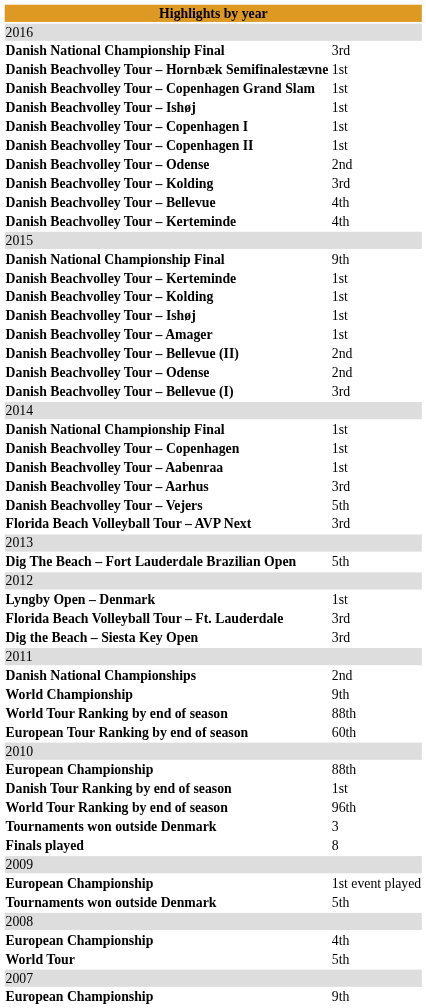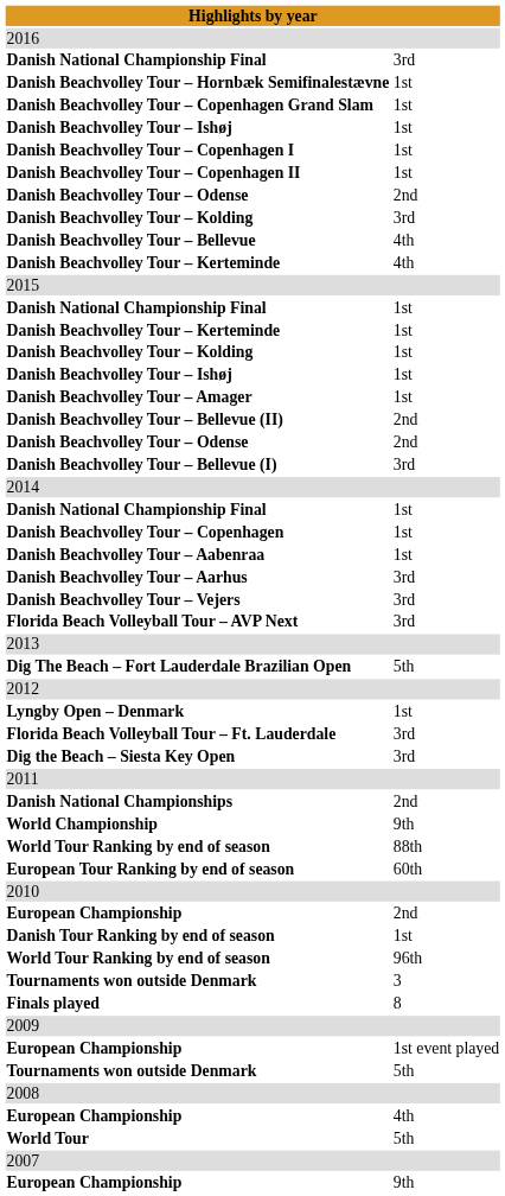 <table>
 <tr>
 <th style="background:#DD9922" colspan="2">Highlights by year</th>
 </tr>
 <tr>
 <td style="background:#DDDDDD" colspan="2">2016</td>
 </tr>
 <tr>
 <td><strong>Danish National Championship Final</strong></td>
 <td>3rd</td>
 </tr>
 <tr>
 <td><strong>Danish Beachvolley Tour – Hornbæk Semifinalestævne</strong></td>
 <td>1st</td>
 </tr>
 <tr>
 <td><strong>Danish Beachvolley Tour – Copenhagen Grand Slam</strong></td>
 <td>1st</td>
 </tr>
 <tr>
 <td><strong>Danish Beachvolley Tour – Ishøj</strong></td>
 <td>1st</td>
 </tr>
 <tr>
 <td><strong>Danish Beachvolley Tour – Copenhagen I</strong></td>
 <td>1st</td>
 </tr>
 <tr>
 <td><strong>Danish Beachvolley Tour – Copenhagen II</strong></td>
 <td>1st</td>
 </tr>
 <tr>
 <td><strong>Danish Beachvolley Tour – Odense</strong></td>
 <td>2nd</td>
 </tr>
 <tr>
 <td><strong>Danish Beachvolley Tour – Kolding</strong></td>
 <td>3rd</td>
 </tr>
 <tr>
 <td><strong>Danish Beachvolley Tour – Bellevue</strong></td>
 <td>4th</td>
 </tr>
 <tr>
 <td><strong>Danish Beachvolley Tour – Kerteminde</strong></td>
 <td>4th</td>
 </tr>
 <tr>
 <td style="background:#DDDDDD" colspan="2">2015</td>
 </tr>
 <tr>
 <td><strong>Danish National Championship Final</strong></td>
-<td>9th</td>
+<td>1st</td>
 </tr>
 <tr>
 <td><strong>Danish Beachvolley Tour – Kerteminde</strong></td>
 <td>1st</td>
 </tr>
 <tr>
 <td><strong>Danish Beachvolley Tour – Kolding</strong></td>
 <td>1st</td>
 </tr>
 <tr>
 <td><strong>Danish Beachvolley Tour – Ishøj</strong></td>
 <td>1st</td>
 </tr>
 <tr>
 <td><strong>Danish Beachvolley Tour – Amager</strong></td>
 <td>1st</td>
 </tr>
 <tr>
 <td><strong>Danish Beachvolley Tour – Bellevue (II)</strong></td>
 <td>2nd</td>
 </tr>
 <tr>
 <td><strong>Danish Beachvolley Tour – Odense</strong></td>
 <td>2nd</td>
 </tr>
 <tr>
 <td><strong>Danish Beachvolley Tour – Bellevue (I)</strong></td>
 <td>3rd</td>
 </tr>
 <tr>
 <td style="background:#DDDDDD" colspan="2">2014</td>
 </tr>
 <tr>
 <td><strong>Danish National Championship Final</strong></td>
 <td>1st</td>
 </tr>
 <tr>
 <td><strong>Danish Beachvolley Tour – Copenhagen</strong></td>
 <td>1st</td>
 </tr>
 <tr>
 <td><strong>Danish Beachvolley Tour – Aabenraa</strong></td>
 <td>1st</td>
 </tr>
 <tr>
 <td><strong>Danish Beachvolley Tour – Aarhus</strong></td>
 <td>3rd</td>
 </tr>
 <tr>
 <td><strong>Danish Beachvolley Tour – Vejers</strong></td>
-<td>5th</td>
+<td>3rd</td>
 </tr>
 <tr>
 <td><strong>Florida Beach Volleyball Tour – AVP Next</strong></td>
 <td>3rd</td>
 </tr>
 <tr>
 <td style="background:#DDDDDD" colspan="2">2013</td>
 </tr>
 <tr>
 <td><strong>Dig The Beach – Fort Lauderdale Brazilian Open</strong></td>
 <td>5th</td>
 </tr>
 <tr>
 <td style="background:#DDDDDD" colspan="2">2012</td>
 </tr>
 <tr>
 <td><strong>Lyngby Open – Denmark</strong></td>
 <td>1st</td>
 </tr>
 <tr>
 <td><strong>Florida Beach Volleyball Tour – Ft. Lauderdale</strong></td>
 <td>3rd</td>
 </tr>
 <tr>
 <td><strong>Dig the Beach – Siesta Key Open</strong></td>
 <td>3rd</td>
 </tr>
 <tr>
 <td style="background:#DDDDDD" colspan="2">2011</td>
 </tr>
 <tr>
 <td><strong>Danish National Championships</strong></td>
 <td>2nd</td>
 </tr>
 <tr>
 <td><strong>World Championship</strong></td>
 <td>9th</td>
 </tr>
 <tr>
 <td><strong>World Tour Ranking by end of season</strong></td>
 <td>88th</td>
 </tr>
 <tr>
 <td><strong>European Tour Ranking by end of season</strong></td>
 <td>60th</td>
 </tr>
 <tr>
 <td style="background:#DDDDDD" colspan="2">2010</td>
 </tr>
 <tr>
 <td><strong>European Championship</strong></td>
-<td>88th</td>
+<td>2nd</td>
 </tr>
 <tr>
 <td><strong>Danish Tour Ranking by end of season</strong></td>
 <td>1st</td>
 </tr>
 <tr>
 <td><strong>World Tour Ranking by end of season</strong></td>
 <td>96th</td>
 </tr>
 <tr>
 <td><strong>Tournaments won outside Denmark</strong></td>
 <td>3</td>
 </tr>
 <tr>
 <td><strong>Finals played</strong></td>
 <td>8</td>
 </tr>
 <tr>
 <td style="background:#DDDDDD" colspan="2">2009</td>
 </tr>
 <tr>
 <td><strong>European Championship</strong></td>
 <td>1st event played</td>
 </tr>
 <tr>
 <td><strong>Tournaments won outside Denmark</strong></td>
 <td>5th</td>
 </tr>
 <tr>
 <td style="background:#DDDDDD" colspan="2">2008</td>
 </tr>
 <tr>
 <td><strong>European Championship</strong></td>
 <td>4th</td>
 </tr>
 <tr>
 <td><strong>World Tour</strong></td>
 <td>5th</td>
 </tr>
 <tr>
 <td style="background:#DDDDDD" colspan="2">2007</td>
 </tr>
 <tr>
 <td><strong>European Championship</strong></td>
 <td>9th</td>
 </tr>
 </table>
